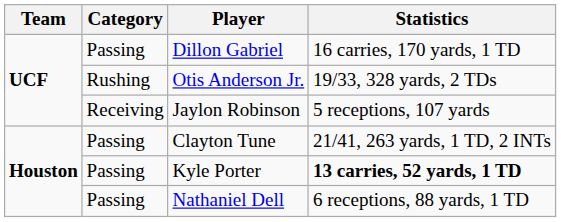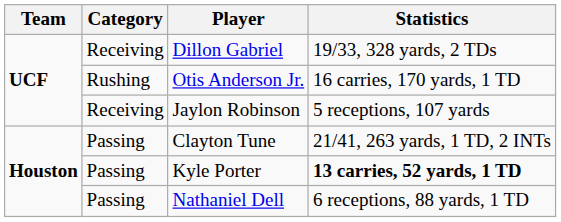 <table class="wikitable" style="float: left;">
 <tr>
 <th>Team</th>
 <th>Category</th>
 <th>Player</th>
 <th>Statistics</th>
 </tr>
 <tr>
 <td rowspan=3><strong>UCF</strong></td>
-<td>Passing</td>
+<td>Receiving</td>
 <td><a href='#'>Dillon Gabriel</a></td>
-<td>16 carries, 170 yards, 1 TD</td>
+<td>19/33, 328 yards, 2 TDs</td>
 </tr>
 <tr>
 <td>Rushing</td>
 <td><a href='#'>Otis Anderson Jr.</a></td>
-<td>19/33, 328 yards, 2 TDs</td>
+<td>16 carries, 170 yards, 1 TD</td>
 </tr>
 <tr>
 <td>Receiving</td>
 <td>Jaylon Robinson</td>
 <td>5 receptions, 107 yards</td>
 </tr>
 <tr>
 <td rowspan=3><strong>Houston</strong></td>
 <td>Passing</td>
 <td>Clayton Tune</td>
 <td>21/41, 263 yards, 1 TD, 2 INTs</td>
 </tr>
 <tr>
 <td>Passing</td>
 <td>Kyle Porter</td>
 <td><strong>13 carries, 52 yards, 1 TD</strong></td>
 </tr>
 <tr>
 <td>Passing</td>
 <td><a href='#'>Nathaniel Dell</a></td>
 <td>6 receptions, 88 yards, 1 TD</td>
 </tr>
 </table>
